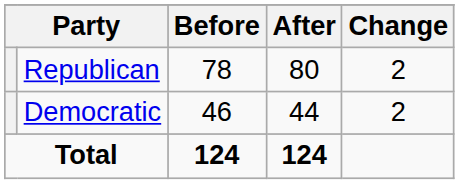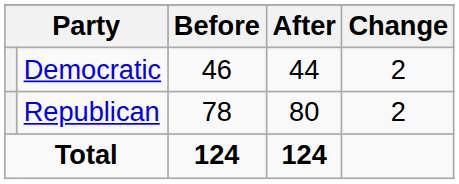 <table class="wikitable" style="text-align:center;">
 <tr>
 </tr>
 <tr>
 <th colspan=2>Party</th>
 <th>Before</th>
 <th>After</th>
 <th>Change</th>
 </tr>
 <tr>
 <th style="background-color:"></th>
-<td style="text-align:left;"><a href='#'>Republican</a></td>
-<td>78</td>
-<td>80</td>
+<td style="text-align:left;"><a href='#'>Democratic</a></td>
+<td>46</td>
+<td>44</td>
 <td> 2</td>
 </tr>
 <tr>
 <th style="background-color:"></th>
-<td style="text-align:left;"><a href='#'>Democratic</a></td>
-<td>46</td>
-<td>44</td>
+<td style="text-align:left;"><a href='#'>Republican</a></td>
+<td>78</td>
+<td>80</td>
 <td> 2</td>
 </tr>
 <tr>
 <td colspan=2><strong>Total</strong></td>
 <td><strong>124</strong></td>
 <td><strong>124</strong></td>
 <td></td>
 </tr>
 </table>
